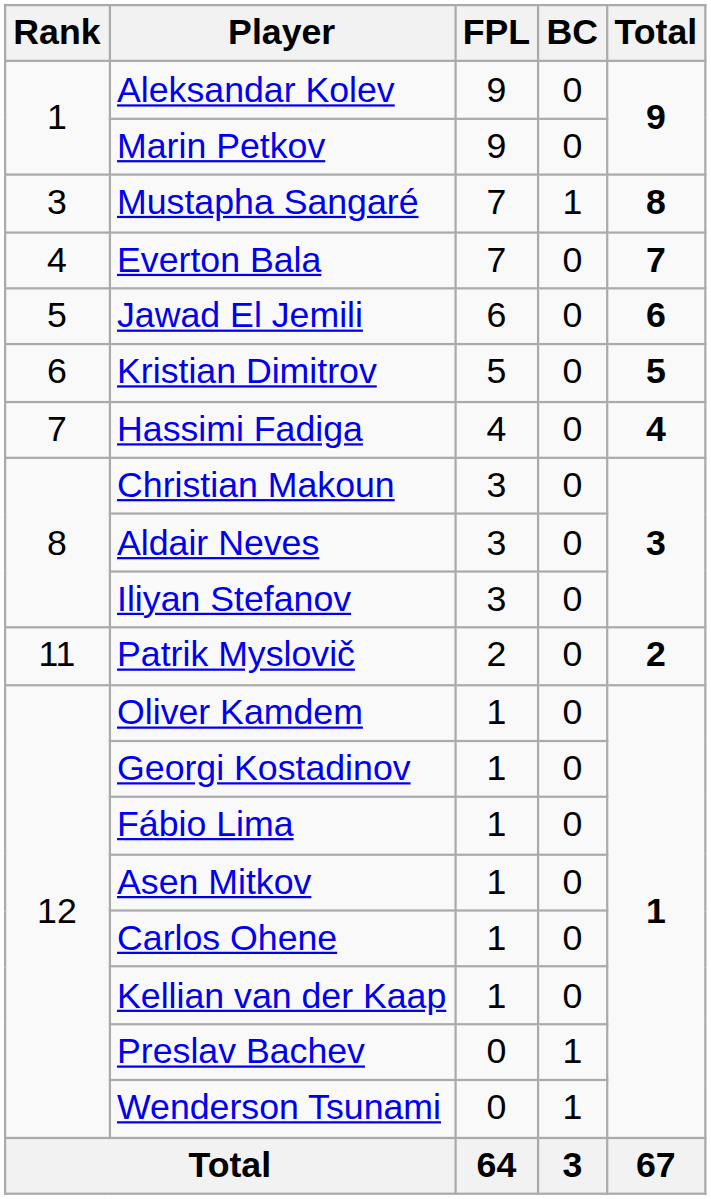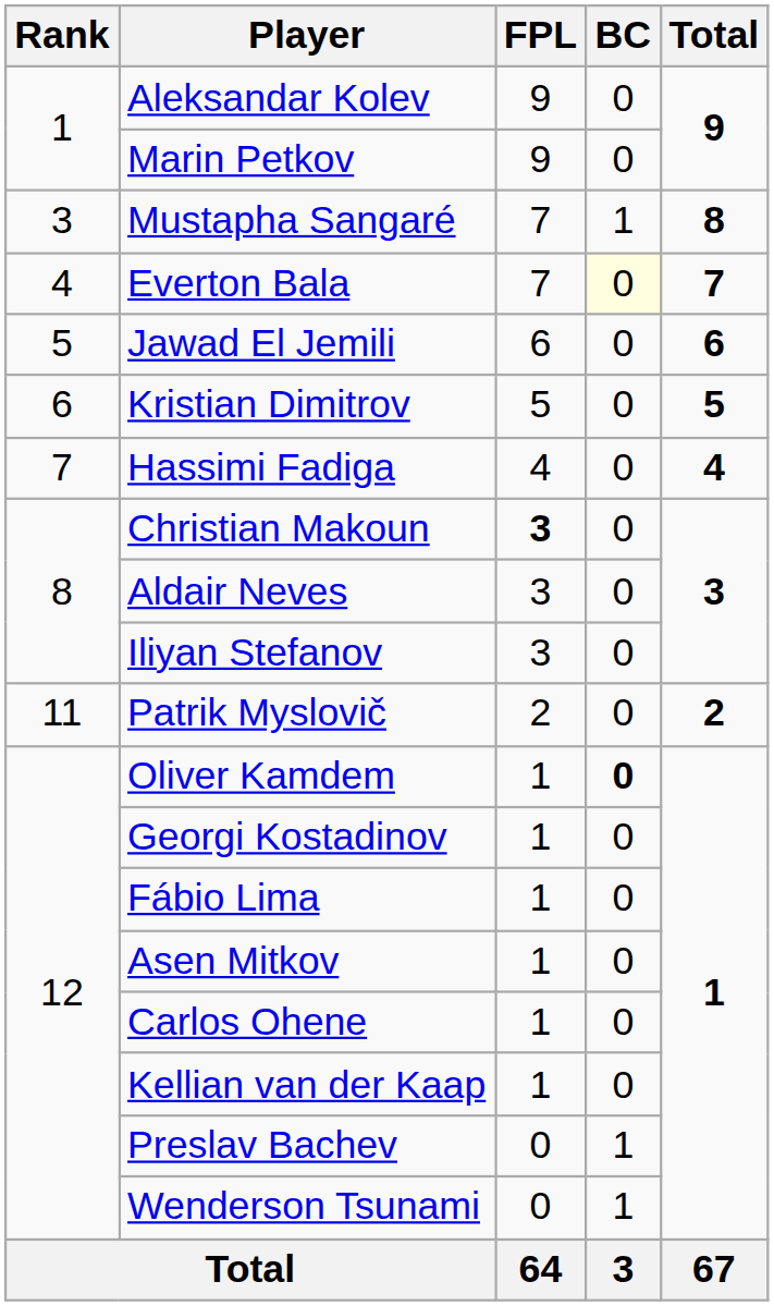 <table class="wikitable" style="text-align:center;">
 <tr>
 <th>Rank</th>
 <th>Player</th>
 <th><abbr>FPL</abbr></th>
 <th><abbr>BC</abbr></th>
 <th>Total</th>
 </tr>
 <tr>
 <td rowspan=2>1</td>
 <td align=left> <a href='#'>Aleksandar Kolev</a></td>
 <td>9</td>
 <td>0</td>
 <td rowspan=2><strong>9</strong></td>
 </tr>
 <tr>
 <td align=left> <a href='#'>Marin Petkov</a></td>
 <td>9</td>
 <td>0</td>
 </tr>
 <tr>
 <td>3</td>
 <td align=left> <a href='#'>Mustapha Sangaré</a></td>
 <td>7</td>
 <td>1</td>
 <td><strong>8</strong></td>
 </tr>
 <tr>
 <td>4</td>
 <td align=left> <a href='#'>Everton Bala</a></td>
 <td>7</td>
-<td>0</td>
+<td style="background: lightyellow;">0</td>
 <td><strong>7</strong></td>
 </tr>
 <tr>
 <td>5</td>
 <td align=left> <a href='#'>Jawad El Jemili</a></td>
 <td>6</td>
 <td>0</td>
 <td><strong>6</strong></td>
 </tr>
 <tr>
 <td>6</td>
 <td align=left> <a href='#'>Kristian Dimitrov</a></td>
 <td>5</td>
 <td>0</td>
 <td><strong>5</strong></td>
 </tr>
 <tr>
 <td>7</td>
 <td align=left> <a href='#'>Hassimi Fadiga</a></td>
 <td>4</td>
 <td>0</td>
 <td><strong>4</strong></td>
 </tr>
 <tr>
 <td rowspan=3>8</td>
 <td align=left> <a href='#'>Christian Makoun</a></td>
-<td>3</td>
+<td><strong>3</strong></td>
 <td>0</td>
 <td rowspan=3><strong>3</strong></td>
 </tr>
 <tr>
 <td align=left> <a href='#'>Aldair Neves</a></td>
 <td>3</td>
 <td>0</td>
 </tr>
 <tr>
 <td align=left> <a href='#'>Iliyan Stefanov</a></td>
 <td>3</td>
 <td>0</td>
 </tr>
 <tr>
 <td>11</td>
 <td align=left> <a href='#'>Patrik Myslovič</a></td>
 <td>2</td>
 <td>0</td>
 <td><strong>2</strong></td>
 </tr>
 <tr>
 <td rowspan=8>12</td>
 <td align=left> <a href='#'>Oliver Kamdem</a></td>
 <td>1</td>
-<td>0</td>
+<td><strong>0</strong></td>
 <td rowspan=8><strong>1</strong></td>
 </tr>
 <tr>
 <td align=left> <a href='#'>Georgi Kostadinov</a></td>
 <td>1</td>
 <td>0</td>
 </tr>
 <tr>
 <td align=left> <a href='#'>Fábio Lima</a></td>
 <td>1</td>
 <td>0</td>
 </tr>
 <tr>
 <td align=left> <a href='#'>Asen Mitkov</a></td>
 <td>1</td>
 <td>0</td>
 </tr>
 <tr>
 <td align=left> <a href='#'>Carlos Ohene</a></td>
 <td>1</td>
 <td>0</td>
 </tr>
 <tr>
 <td align=left> <a href='#'>Kellian van der Kaap</a></td>
 <td>1</td>
 <td>0</td>
 </tr>
 <tr>
 <td align=left> <a href='#'>Preslav Bachev</a></td>
 <td>0</td>
 <td>1</td>
 </tr>
 <tr>
 <td align=left> <a href='#'>Wenderson Tsunami</a></td>
 <td>0</td>
 <td>1</td>
 </tr>
 <tr>
 <th colspan=2>Total</th>
 <th>64</th>
 <th>3</th>
 <th>67</th>
 </tr>
 </table>
